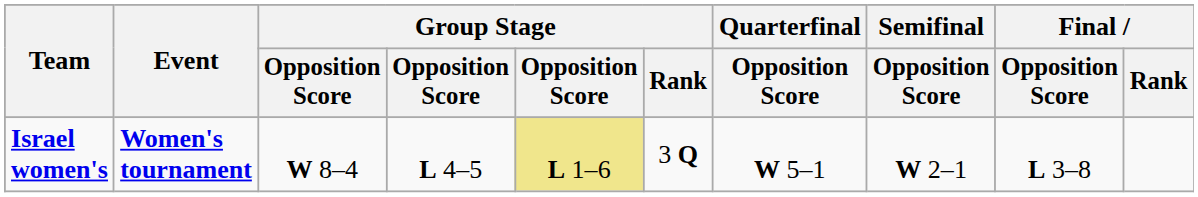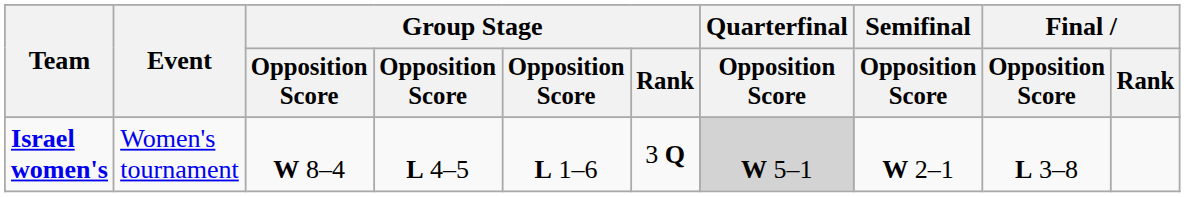 <table class="wikitable" style="font-size:90%;text-align:center">
 <tr>
 <th rowspan="2">Team</th>
 <th rowspan="2">Event</th>
 <th colspan="4">Group Stage</th>
 <th>Quarterfinal</th>
 <th>Semifinal</th>
 <th colspan="2">Final / </th>
 </tr>
 <tr style="font-size:95%">
 <th>Opposition<br>Score</th>
 <th>Opposition<br>Score</th>
 <th>Opposition<br>Score</th>
 <th>Rank</th>
 <th>Opposition<br>Score</th>
 <th>Opposition<br>Score</th>
 <th>Opposition<br>Score</th>
 <th>Rank</th>
 </tr>
 <tr>
 <td align=left><strong><a href='#'>Israel women's</a></strong></td>
-<td align=left><strong><a href='#'>Women's tournament</a></strong></td>
+<td align=left><a href='#'>Women's tournament</a></td>
 <td><br><strong>W</strong> 8–4</td>
 <td><br><strong>L</strong> 4–5</td>
-<td style="background: khaki;"><br><strong>L</strong> 1–6</td>
+<td><br><strong>L</strong> 1–6</td>
 <td>3 <strong>Q</strong></td>
-<td><br><strong>W</strong> 5–1</td>
+<td style="background: lightgrey;"><br><strong>W</strong> 5–1</td>
 <td><br><strong>W</strong> 2–1</td>
 <td><br><strong>L</strong> 3–8</td>
 <td></td>
 </tr>
 </table>
